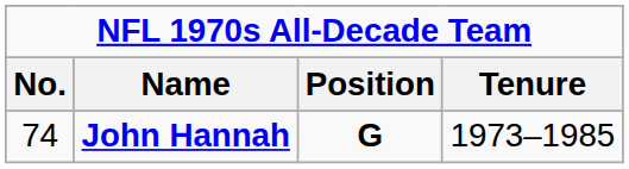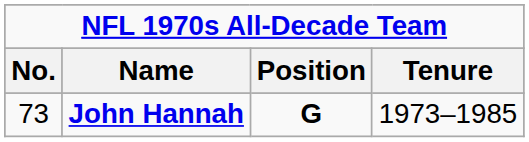 <table class="wikitable" style="text-align:center">
 <tr>
 <td colspan="4"><strong><a href='#'><span><u>NFL 1970s All-Decade Team</u></span></a></strong></td>
 </tr>
 <tr>
 <th>No.</th>
 <th>Name</th>
 <th>Position</th>
 <th>Tenure</th>
 </tr>
 <tr>
-<td>74</td>
+<td>73</td>
 <td><strong><a href='#'>John Hannah</a></strong></td>
 <td><strong>G</strong></td>
 <td>1973–1985</td>
 </tr>
 </table>
